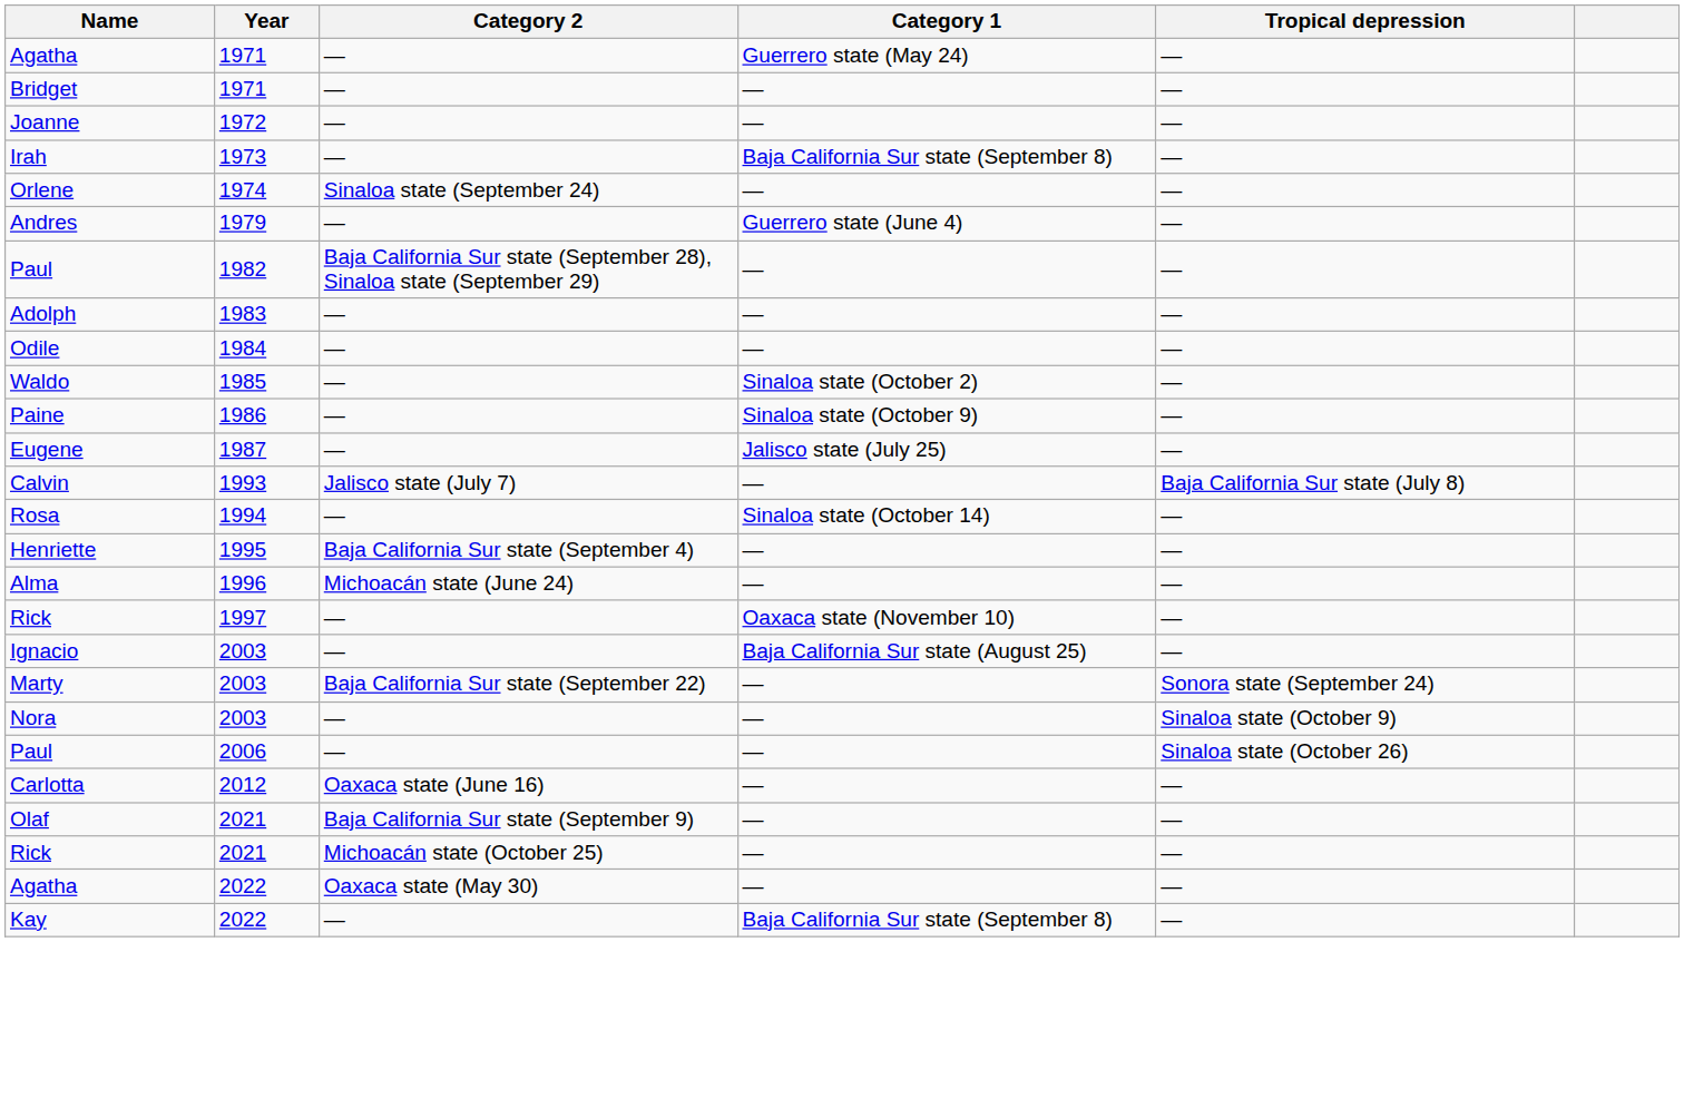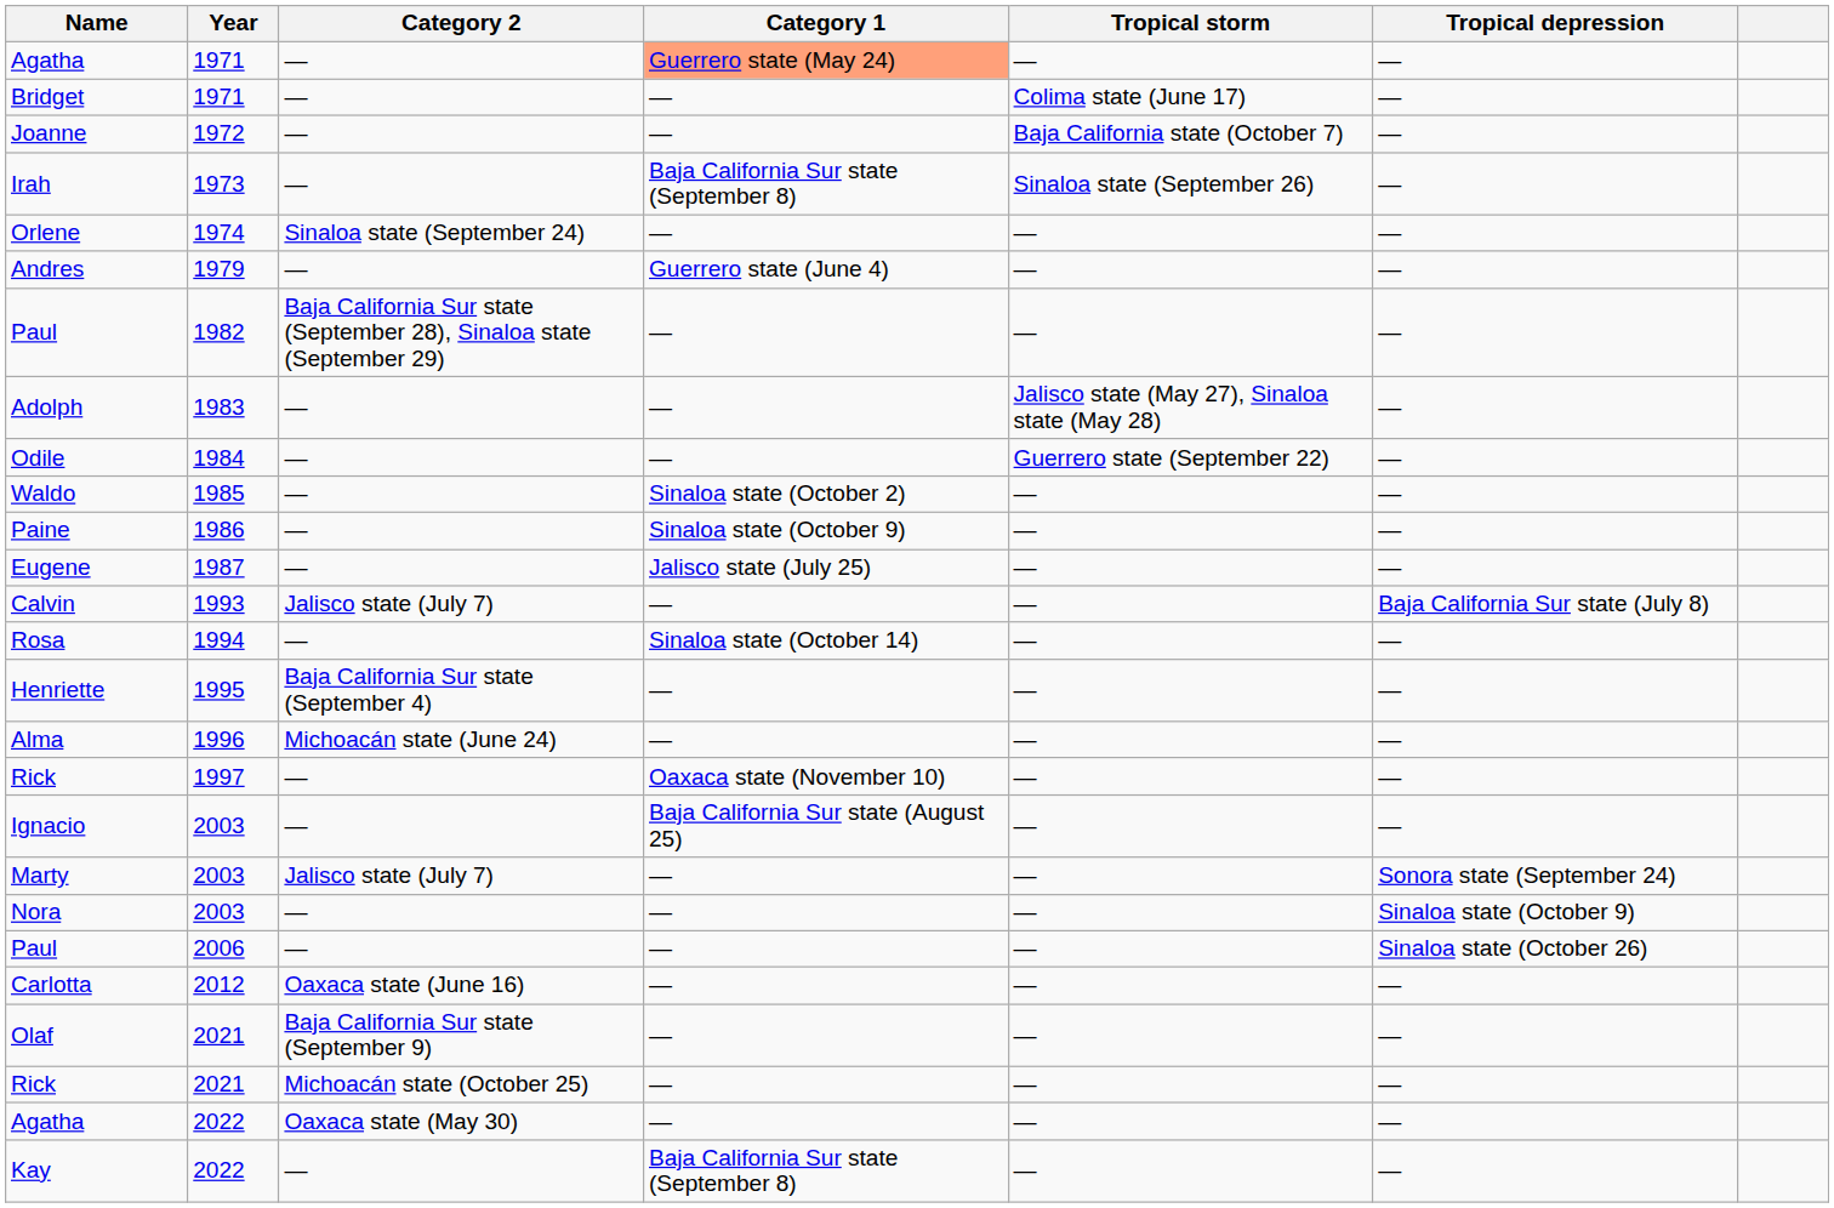 <table class="wikitable sortable" width="100%">
 <tr>
 <th scope="col" width="10%">Name</th>
 <th scope="col" width="5%">Year</th>
 <th scope="col" width="20%" style="background: #">Category 2</th>
 <th scope="col" width="20%" style="background: #">Category 1</th>
+<th scope="col" width="20%" style="background: #">Tropical storm</th>
 <th scope="col" width="20%" style="background: #">Tropical depression</th>
 <th scope="col" width="5%" class="unsortable"></th>
 </tr>
 <tr>
 <td><a href='#'>Agatha</a></td>
 <td><a href='#'>1971</a></td>
 <td>—</td>
-<td><a href='#'>Guerrero</a> state (May 24)</td>
+<td style="background: lightsalmon;"><a href='#'>Guerrero</a> state (May 24)</td>
+<td>—</td>
 <td>—</td>
 <td></td>
 </tr>
 <tr>
 <td><a href='#'>Bridget</a></td>
 <td><a href='#'>1971</a></td>
 <td>—</td>
 <td>—</td>
+<td><a href='#'>Colima</a> state (June 17)</td>
 <td>—</td>
 <td></td>
 </tr>
 <tr>
 <td><a href='#'>Joanne</a></td>
 <td><a href='#'>1972</a></td>
 <td>—</td>
 <td>—</td>
+<td><a href='#'>Baja California</a> state (October 7)</td>
 <td>—</td>
 <td></td>
 </tr>
 <tr>
 <td><a href='#'>Irah</a></td>
 <td><a href='#'>1973</a></td>
 <td>—</td>
 <td><a href='#'>Baja California Sur</a> state (September 8)</td>
+<td><a href='#'>Sinaloa</a> state (September 26)</td>
 <td>—</td>
 <td></td>
 </tr>
 <tr>
 <td><a href='#'>Orlene</a></td>
 <td><a href='#'>1974</a></td>
 <td><a href='#'>Sinaloa</a> state (September 24)</td>
+<td>—</td>
 <td>—</td>
 <td>—</td>
 <td></td>
 </tr>
 <tr>
 <td><a href='#'>Andres</a></td>
 <td><a href='#'>1979</a></td>
 <td>—</td>
 <td><a href='#'>Guerrero</a> state (June 4)</td>
 <td>—</td>
+<td>—</td>
 <td></td>
 </tr>
 <tr>
 <td><a href='#'>Paul</a></td>
 <td><a href='#'>1982</a></td>
 <td><a href='#'>Baja California Sur</a> state (September 28), <a href='#'>Sinaloa</a> state (September 29)</td>
+<td>—</td>
 <td>—</td>
 <td>—</td>
 <td></td>
 </tr>
 <tr>
 <td><a href='#'>Adolph</a></td>
 <td><a href='#'>1983</a></td>
 <td>—</td>
 <td>—</td>
+<td><a href='#'>Jalisco</a> state (May 27), <a href='#'>Sinaloa</a> state (May 28)</td>
 <td>—</td>
 <td></td>
 </tr>
 <tr>
 <td><a href='#'>Odile</a></td>
 <td><a href='#'>1984</a></td>
 <td>—</td>
 <td>—</td>
+<td><a href='#'>Guerrero</a> state (September 22)</td>
 <td>—</td>
 <td></td>
 </tr>
 <tr>
 <td><a href='#'>Waldo</a></td>
 <td><a href='#'>1985</a></td>
 <td>—</td>
 <td><a href='#'>Sinaloa</a> state (October 2)</td>
 <td>—</td>
+<td>—</td>
 <td></td>
 </tr>
 <tr>
 <td><a href='#'>Paine</a></td>
 <td><a href='#'>1986</a></td>
 <td>—</td>
 <td><a href='#'>Sinaloa</a> state (October 9)</td>
+<td>—</td>
 <td>—</td>
 <td></td>
 </tr>
 <tr>
 <td><a href='#'>Eugene</a></td>
 <td><a href='#'>1987</a></td>
 <td>—</td>
 <td><a href='#'>Jalisco</a> state (July 25)</td>
 <td>—</td>
+<td>—</td>
 <td></td>
 </tr>
 <tr>
 <td><a href='#'>Calvin</a></td>
 <td><a href='#'>1993</a></td>
 <td><a href='#'>Jalisco</a> state (July 7)</td>
+<td>—</td>
 <td>—</td>
 <td><a href='#'>Baja California Sur</a> state (July 8)</td>
 <td></td>
 </tr>
 <tr>
 <td><a href='#'>Rosa</a></td>
 <td><a href='#'>1994</a></td>
 <td>—</td>
 <td><a href='#'>Sinaloa</a> state (October 14)</td>
 <td>—</td>
+<td>—</td>
 <td></td>
 </tr>
 <tr>
 <td><a href='#'>Henriette</a></td>
 <td><a href='#'>1995</a></td>
 <td><a href='#'>Baja California Sur</a> state (September 4)</td>
+<td>—</td>
 <td>—</td>
 <td>—</td>
 <td></td>
 </tr>
 <tr>
 <td><a href='#'>Alma</a></td>
 <td><a href='#'>1996</a></td>
 <td><a href='#'>Michoacán</a> state (June 24)</td>
 <td>—</td>
 <td>—</td>
+<td>—</td>
 <td></td>
 </tr>
 <tr>
 <td><a href='#'>Rick</a></td>
 <td><a href='#'>1997</a></td>
 <td>—</td>
 <td><a href='#'>Oaxaca</a> state (November 10)</td>
+<td>—</td>
 <td>—</td>
 <td></td>
 </tr>
 <tr>
 <td><a href='#'>Ignacio</a></td>
 <td><a href='#'>2003</a></td>
 <td>—</td>
 <td><a href='#'>Baja California Sur</a> state (August 25)</td>
 <td>—</td>
+<td>—</td>
 <td></td>
 </tr>
 <tr>
 <td><a href='#'>Marty</a></td>
 <td><a href='#'>2003</a></td>
-<td><a href='#'>Baja California Sur</a> state (September 22)</td>
+<td><a href='#'>Jalisco</a> state (July 7)</td>
+<td>—</td>
 <td>—</td>
 <td><a href='#'>Sonora</a> state (September 24)</td>
 <td></td>
 </tr>
 <tr>
 <td><a href='#'>Nora</a></td>
 <td><a href='#'>2003</a></td>
 <td>—</td>
 <td>—</td>
+<td>—</td>
 <td><a href='#'>Sinaloa</a> state (October 9)</td>
 <td></td>
 </tr>
 <tr>
 <td><a href='#'>Paul</a></td>
 <td><a href='#'>2006</a></td>
+<td>—</td>
 <td>—</td>
 <td>—</td>
 <td><a href='#'>Sinaloa</a> state (October 26)</td>
 <td></td>
 </tr>
 <tr>
 <td><a href='#'>Carlotta</a></td>
 <td><a href='#'>2012</a></td>
 <td><a href='#'>Oaxaca</a> state (June 16)</td>
 <td>—</td>
 <td>—</td>
+<td>—</td>
 <td></td>
 </tr>
 <tr>
 <td><a href='#'>Olaf</a></td>
 <td><a href='#'>2021</a></td>
 <td><a href='#'>Baja California Sur</a>  state (September 9)</td>
+<td>—</td>
 <td>—</td>
 <td>—</td>
 <td></td>
 </tr>
 <tr>
 <td><a href='#'>Rick</a></td>
 <td><a href='#'>2021</a></td>
 <td><a href='#'>Michoacán</a> state (October 25)</td>
 <td>—</td>
 <td>—</td>
+<td>—</td>
 <td></td>
 </tr>
 <tr>
 <td><a href='#'>Agatha</a></td>
 <td><a href='#'>2022</a></td>
 <td><a href='#'>Oaxaca</a> state (May 30)</td>
+<td>—</td>
 <td>—</td>
 <td>—</td>
 <td></td>
 </tr>
 <tr>
 <td><a href='#'>Kay</a></td>
 <td><a href='#'>2022</a></td>
 <td>—</td>
 <td><a href='#'>Baja California Sur</a> state (September 8)</td>
 <td>—</td>
+<td>—</td>
 <td></td>
 </tr>
 </table>
